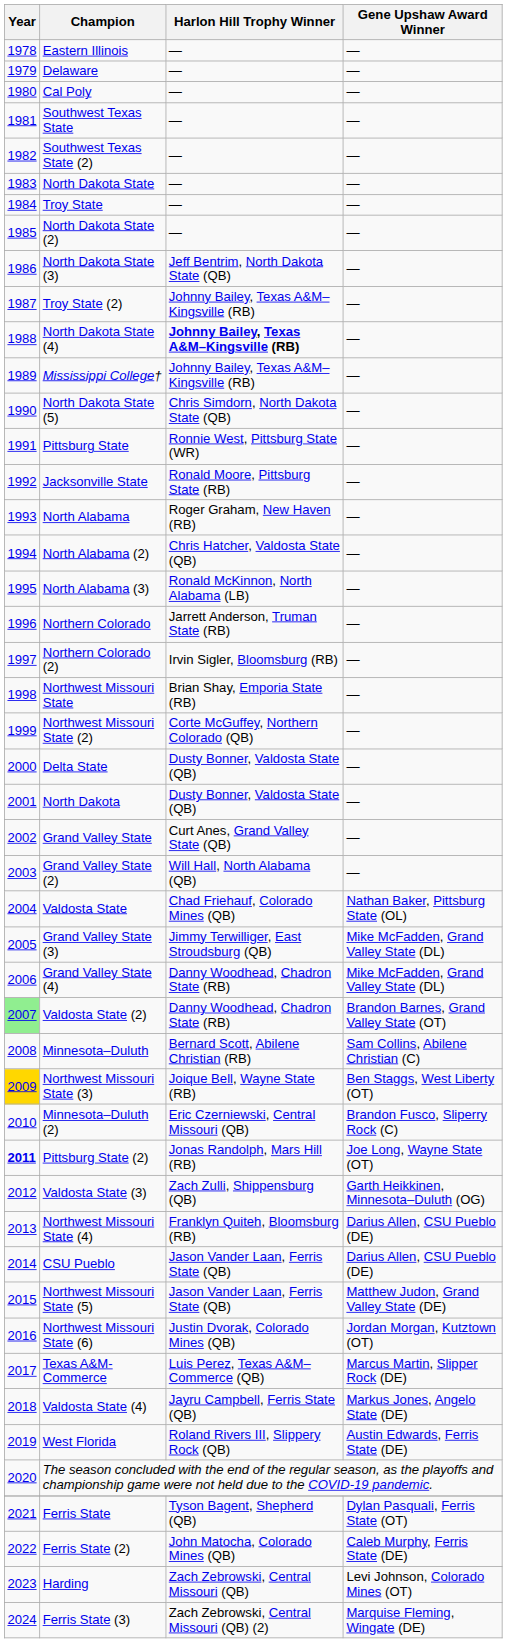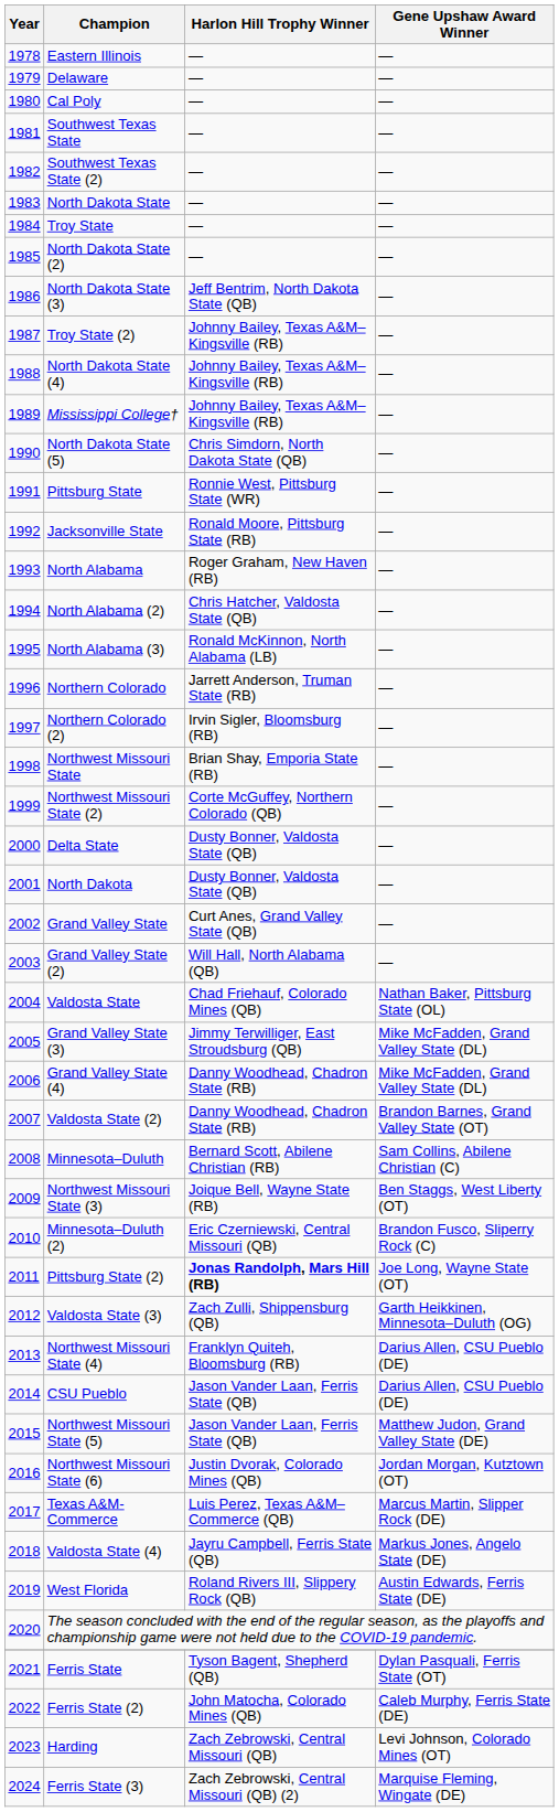 <table class="wikitable">
 <tr>
 <th>Year</th>
 <th>Champion</th>
 <th>Harlon Hill Trophy Winner</th>
 <th>Gene Upshaw Award Winner</th>
 </tr>
 <tr>
 <td><a href='#'>1978</a></td>
 <td><a href='#'>Eastern Illinois</a></td>
 <td>—</td>
 <td>—</td>
 </tr>
 <tr>
 <td><a href='#'>1979</a></td>
 <td><a href='#'>Delaware</a></td>
 <td>—</td>
 <td>—</td>
 </tr>
 <tr>
 <td><a href='#'>1980</a></td>
 <td><a href='#'>Cal Poly</a></td>
 <td>—</td>
 <td>—</td>
 </tr>
 <tr>
 <td><a href='#'>1981</a></td>
 <td><a href='#'>Southwest Texas State</a></td>
 <td>—</td>
 <td>—</td>
 </tr>
 <tr>
 <td><a href='#'>1982</a></td>
 <td><a href='#'>Southwest Texas State</a> (2)</td>
 <td>—</td>
 <td>—</td>
 </tr>
 <tr>
 <td><a href='#'>1983</a></td>
 <td><a href='#'>North Dakota State</a></td>
 <td>—</td>
 <td>—</td>
 </tr>
 <tr>
 <td><a href='#'>1984</a></td>
 <td><a href='#'>Troy State</a></td>
 <td>—</td>
 <td>—</td>
 </tr>
 <tr>
 <td><a href='#'>1985</a></td>
 <td><a href='#'>North Dakota State</a> (2)</td>
 <td>—</td>
 <td>—</td>
 </tr>
 <tr>
 <td><a href='#'>1986</a></td>
 <td><a href='#'>North Dakota State</a> (3)</td>
 <td><a href='#'>Jeff Bentrim</a>, <a href='#'>North Dakota State</a> (QB)</td>
 <td>—</td>
 </tr>
 <tr>
 <td><a href='#'>1987</a></td>
 <td><a href='#'>Troy State</a> (2)</td>
 <td><a href='#'>Johnny Bailey</a>, <a href='#'>Texas A&M–Kingsville</a> (RB)</td>
 <td>—</td>
 </tr>
 <tr>
 <td><a href='#'>1988</a></td>
 <td><a href='#'>North Dakota State</a> (4)</td>
-<td><strong><a href='#'>Johnny Bailey</a>, <a href='#'>Texas A&M–Kingsville</a> (RB)</strong></td>
+<td><a href='#'>Johnny Bailey</a>, <a href='#'>Texas A&M–Kingsville</a> (RB)</td>
 <td>—</td>
 </tr>
 <tr>
 <td><a href='#'>1989</a></td>
 <td><em><a href='#'>Mississippi College</a>†</em></td>
 <td><a href='#'>Johnny Bailey</a>, <a href='#'>Texas A&M–Kingsville</a> (RB)</td>
 <td>—</td>
 </tr>
 <tr>
 <td><a href='#'>1990</a></td>
 <td><a href='#'>North Dakota State</a> (5)</td>
 <td><a href='#'>Chris Simdorn</a>, <a href='#'>North Dakota State</a> (QB)</td>
 <td>—</td>
 </tr>
 <tr>
 <td><a href='#'>1991</a></td>
 <td><a href='#'>Pittsburg State</a></td>
 <td><a href='#'>Ronnie West</a>, <a href='#'>Pittsburg State</a> (WR)</td>
 <td>—</td>
 </tr>
 <tr>
 <td><a href='#'>1992</a></td>
 <td><a href='#'>Jacksonville State</a></td>
 <td><a href='#'>Ronald Moore</a>, <a href='#'>Pittsburg State</a> (RB)</td>
 <td>—</td>
 </tr>
 <tr>
 <td><a href='#'>1993</a></td>
 <td><a href='#'>North Alabama</a></td>
 <td>Roger Graham, <a href='#'>New Haven</a> (RB)</td>
 <td>—</td>
 </tr>
 <tr>
 <td><a href='#'>1994</a></td>
 <td><a href='#'>North Alabama</a> (2)</td>
 <td><a href='#'>Chris Hatcher</a>, <a href='#'>Valdosta State</a> (QB)</td>
 <td>—</td>
 </tr>
 <tr>
 <td><a href='#'>1995</a></td>
 <td><a href='#'>North Alabama</a> (3)</td>
 <td><a href='#'>Ronald McKinnon</a>, <a href='#'>North Alabama</a> (LB)</td>
 <td>—</td>
 </tr>
 <tr>
 <td><a href='#'>1996</a></td>
 <td><a href='#'>Northern Colorado</a></td>
 <td>Jarrett Anderson, <a href='#'>Truman State</a> (RB)</td>
 <td>—</td>
 </tr>
 <tr>
 <td><a href='#'>1997</a></td>
 <td><a href='#'>Northern Colorado</a> (2)</td>
 <td>Irvin Sigler, <a href='#'>Bloomsburg</a> (RB)</td>
 <td>—</td>
 </tr>
 <tr>
 <td><a href='#'>1998</a></td>
 <td><a href='#'>Northwest Missouri State</a></td>
 <td>Brian Shay, <a href='#'>Emporia State</a> (RB)</td>
 <td>—</td>
 </tr>
 <tr>
 <td><a href='#'>1999</a></td>
 <td><a href='#'>Northwest Missouri State</a> (2)</td>
 <td><a href='#'>Corte McGuffey</a>, <a href='#'>Northern Colorado</a> (QB)</td>
 <td>—</td>
 </tr>
 <tr>
 <td><a href='#'>2000</a></td>
 <td><a href='#'>Delta State</a></td>
 <td><a href='#'>Dusty Bonner</a>, <a href='#'>Valdosta State</a> (QB)</td>
 <td>—</td>
 </tr>
 <tr>
 <td><a href='#'>2001</a></td>
 <td><a href='#'>North Dakota</a></td>
 <td><a href='#'>Dusty Bonner</a>, <a href='#'>Valdosta State</a> (QB)</td>
 <td>—</td>
 </tr>
 <tr>
 <td><a href='#'>2002</a></td>
 <td><a href='#'>Grand Valley State</a></td>
 <td>Curt Anes, <a href='#'>Grand Valley State</a> (QB)</td>
 <td>—</td>
 </tr>
 <tr>
 <td><a href='#'>2003</a></td>
 <td><a href='#'>Grand Valley State</a> (2)</td>
 <td><a href='#'>Will Hall</a>, <a href='#'>North Alabama</a> (QB)</td>
 <td>—</td>
 </tr>
 <tr>
 <td><a href='#'>2004</a></td>
 <td><a href='#'>Valdosta State</a></td>
 <td><a href='#'>Chad Friehauf</a>, <a href='#'>Colorado Mines</a> (QB)</td>
 <td><a href='#'>Nathan Baker</a>, <a href='#'>Pittsburg State</a> (OL)</td>
 </tr>
 <tr>
 <td><a href='#'>2005</a></td>
 <td><a href='#'>Grand Valley State</a> (3)</td>
 <td><a href='#'>Jimmy Terwilliger</a>, <a href='#'>East Stroudsburg</a> (QB)</td>
 <td><a href='#'>Mike McFadden</a>, <a href='#'>Grand Valley State</a> (DL)</td>
 </tr>
 <tr>
 <td><a href='#'>2006</a></td>
 <td><a href='#'>Grand Valley State</a> (4)</td>
 <td><a href='#'>Danny Woodhead</a>, <a href='#'>Chadron State</a> (RB)</td>
 <td><a href='#'>Mike McFadden</a>, <a href='#'>Grand Valley State</a> (DL)</td>
 </tr>
 <tr>
-<td style="background: lightgreen;"><a href='#'>2007</a></td>
+<td><a href='#'>2007</a></td>
 <td><a href='#'>Valdosta State</a> (2)</td>
 <td><a href='#'>Danny Woodhead</a>, <a href='#'>Chadron State</a> (RB)</td>
 <td><a href='#'>Brandon Barnes</a>, <a href='#'>Grand Valley State</a> (OT)</td>
 </tr>
 <tr>
 <td><a href='#'>2008</a></td>
 <td><a href='#'>Minnesota–Duluth</a></td>
 <td><a href='#'>Bernard Scott</a>, <a href='#'>Abilene Christian</a> (RB)</td>
 <td><a href='#'>Sam Collins</a>, <a href='#'>Abilene Christian</a> (C)</td>
 </tr>
 <tr>
-<td style="background: gold;"><a href='#'>2009</a></td>
+<td><a href='#'>2009</a></td>
 <td><a href='#'>Northwest Missouri State</a> (3)</td>
 <td><a href='#'>Joique Bell</a>, <a href='#'>Wayne State</a> (RB)</td>
 <td><a href='#'>Ben Staggs</a>, <a href='#'>West Liberty</a> (OT)</td>
 </tr>
 <tr>
 <td><a href='#'>2010</a></td>
 <td><a href='#'>Minnesota–Duluth</a> (2)</td>
 <td><a href='#'>Eric Czerniewski</a>, <a href='#'>Central Missouri</a> (QB)</td>
 <td><a href='#'>Brandon Fusco</a>, <a href='#'>Sliperry Rock</a> (C)</td>
 </tr>
 <tr>
-<td><strong><a href='#'>2011</a></strong></td>
+<td><a href='#'>2011</a></td>
 <td><a href='#'>Pittsburg State</a> (2)</td>
-<td><a href='#'>Jonas Randolph</a>, <a href='#'>Mars Hill</a> (RB)</td>
+<td><strong><a href='#'>Jonas Randolph</a>, <a href='#'>Mars Hill</a> (RB)</strong></td>
 <td><a href='#'>Joe Long</a>, <a href='#'>Wayne State</a> (OT)</td>
 </tr>
 <tr>
 <td><a href='#'>2012</a></td>
 <td><a href='#'>Valdosta State</a> (3)</td>
 <td><a href='#'>Zach Zulli</a>, <a href='#'>Shippensburg</a> (QB)</td>
 <td><a href='#'>Garth Heikkinen</a>, <a href='#'>Minnesota–Duluth</a> (OG)</td>
 </tr>
 <tr>
 <td><a href='#'>2013</a></td>
 <td><a href='#'>Northwest Missouri State</a> (4)</td>
 <td><a href='#'>Franklyn Quiteh</a>, <a href='#'>Bloomsburg</a> (RB)</td>
 <td><a href='#'>Darius Allen</a>, <a href='#'>CSU Pueblo</a> (DE)</td>
 </tr>
 <tr>
 <td><a href='#'>2014</a></td>
 <td><a href='#'>CSU Pueblo</a></td>
 <td><a href='#'>Jason Vander Laan</a>, <a href='#'>Ferris State</a> (QB)</td>
 <td><a href='#'>Darius Allen</a>, <a href='#'>CSU Pueblo</a> (DE)</td>
 </tr>
 <tr>
 <td><a href='#'>2015</a></td>
 <td><a href='#'>Northwest Missouri State</a> (5)</td>
 <td><a href='#'>Jason Vander Laan</a>, <a href='#'>Ferris State</a> (QB)</td>
 <td><a href='#'>Matthew Judon</a>, <a href='#'>Grand Valley State</a> (DE)</td>
 </tr>
 <tr>
 <td><a href='#'>2016</a></td>
 <td><a href='#'>Northwest Missouri State</a> (6)</td>
 <td><a href='#'>Justin Dvorak</a>, <a href='#'>Colorado Mines</a> (QB)</td>
 <td><a href='#'>Jordan Morgan</a>, <a href='#'>Kutztown</a> (OT)</td>
 </tr>
 <tr>
 <td><a href='#'>2017</a></td>
 <td><a href='#'>Texas A&M-Commerce</a></td>
 <td><a href='#'>Luis Perez</a>, <a href='#'>Texas A&M–Commerce</a> (QB)</td>
 <td><a href='#'>Marcus Martin</a>, <a href='#'>Slipper Rock</a> (DE)</td>
 </tr>
 <tr>
 <td><a href='#'>2018</a></td>
 <td><a href='#'>Valdosta State</a> (4)</td>
 <td><a href='#'>Jayru Campbell</a>, <a href='#'>Ferris State</a> (QB)</td>
 <td><a href='#'>Markus Jones</a>, <a href='#'>Angelo State</a> (DE)</td>
 </tr>
 <tr>
 <td><a href='#'>2019</a></td>
 <td><a href='#'>West Florida</a></td>
 <td><a href='#'>Roland Rivers III</a>, <a href='#'>Slippery Rock</a> (QB)</td>
 <td><a href='#'>Austin Edwards</a>, <a href='#'>Ferris State</a> (DE)</td>
 </tr>
 <tr>
 <td><a href='#'>2020</a></td>
 <td colspan=3><em>The season concluded with the end of the regular season, as the playoffs and championship game were not held due to the <a href='#'>COVID-19 pandemic</a>.</em></td>
 </tr>
 <tr>
 </tr>
 <tr>
 <td><a href='#'>2021</a></td>
 <td><a href='#'>Ferris State</a></td>
 <td><a href='#'>Tyson Bagent</a>, <a href='#'>Shepherd</a> (QB)</td>
 <td><a href='#'>Dylan Pasquali</a>, <a href='#'>Ferris State</a> (OT)</td>
 </tr>
 <tr>
 <td><a href='#'>2022</a></td>
 <td><a href='#'>Ferris State</a> (2)</td>
 <td><a href='#'>John Matocha</a>, <a href='#'>Colorado Mines</a> (QB)</td>
 <td><a href='#'>Caleb Murphy</a>, <a href='#'>Ferris State</a> (DE)</td>
 </tr>
 <tr>
 <td><a href='#'>2023</a></td>
 <td><a href='#'>Harding</a></td>
 <td><a href='#'>Zach Zebrowski</a>, <a href='#'>Central Missouri</a> (QB)</td>
 <td>Levi Johnson, <a href='#'>Colorado Mines</a> (OT)</td>
 </tr>
 <tr>
 <td><a href='#'>2024</a></td>
 <td><a href='#'>Ferris State</a> (3)</td>
 <td>Zach Zebrowski, <a href='#'>Central Missouri</a> (QB) (2)</td>
 <td><a href='#'>Marquise Fleming</a>, <a href='#'>Wingate</a> (DE)</td>
 </tr>
 </table>
